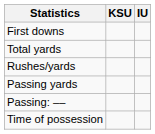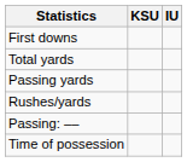 <table class="wikitable" style="float:left">
 <tr>
 <th>Statistics</th>
 <th>KSU</th>
 <th>IU</th>
 </tr>
 <tr>
 <td>First downs</td>
 <td></td>
 <td></td>
 </tr>
 <tr>
 <td>Total yards</td>
 <td></td>
 <td></td>
 </tr>
 <tr>
-<td>Rushes/yards</td>
+<td>Passing yards</td>
 <td></td>
 <td></td>
 </tr>
 <tr>
-<td>Passing yards</td>
+<td>Rushes/yards</td>
 <td></td>
 <td></td>
 </tr>
 <tr>
 <td>Passing: ––</td>
 <td></td>
 <td></td>
 </tr>
 <tr>
 <td>Time of possession</td>
 <td></td>
 <td></td>
 </tr>
 </table>
